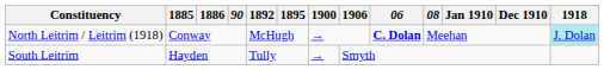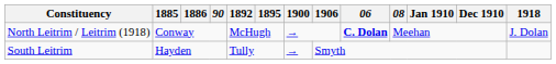 <table class="wikitable">
 <tr>
 <th>Constituency</th>
 <th>1885</th>
 <th>1886</th>
 <th><em>90</em></th>
 <th>1892</th>
 <th>1895</th>
 <th>1900</th>
 <th>1906</th>
 <th><em>06</em></th>
 <th><em>08</em></th>
 <th>Jan 1910</th>
 <th>Dec 1910</th>
 <th>1918</th>
 </tr>
 <tr>
 <td><a href='#'>North Leitrim</a> / <a href='#'>Leitrim</a> (1918)</td>
 <td colspan="3"><a href='#'>Conway</a></td>
 <td colspan="2"><a href='#'>McHugh</a></td>
 <td colspan="2"><a href='#'>→</a></td>
 <td><strong><a href='#'>C. Dolan</a></strong></td>
 <td colspan="3"><a href='#'>Meehan</a></td>
-<td style="background: paleturquoise;"><a href='#'>J. Dolan</a></td>
+<td><a href='#'>J. Dolan</a></td>
 </tr>
 <tr>
 <td><a href='#'>South Leitrim</a></td>
 <td colspan="3"><a href='#'>Hayden</a></td>
 <td colspan="2"><a href='#'>Tully</a></td>
 <td><a href='#'>→</a></td>
 <td colspan="5"><a href='#'>Smyth</a></td>
 <td></td>
 </tr>
 </table>
